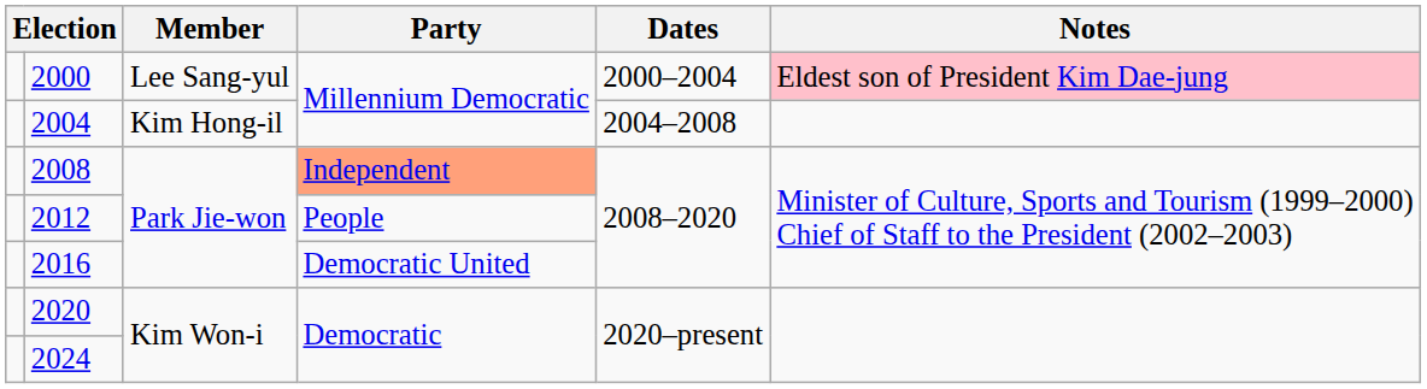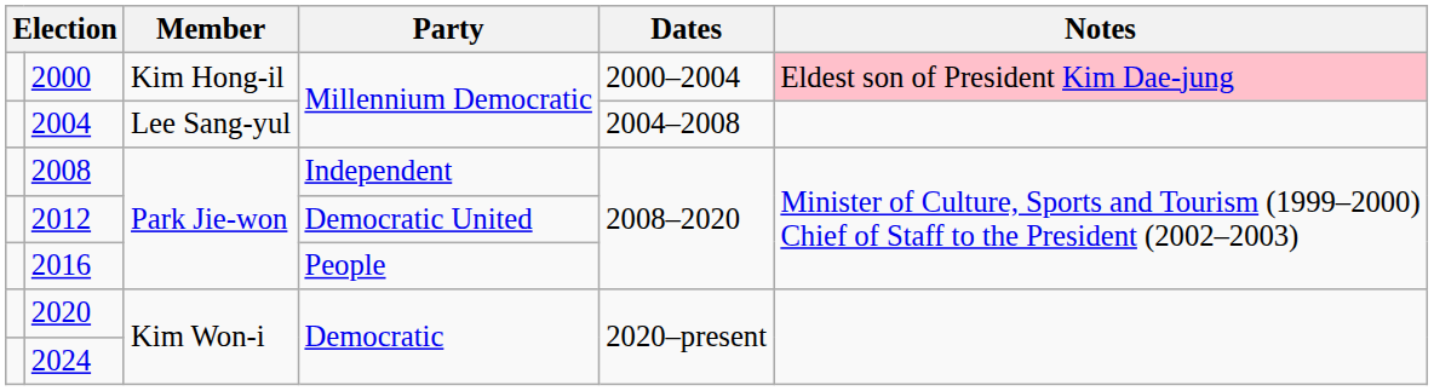 <table class="wikitable">
 <tr>
 <th colspan="2">Election</th>
 <th>Member</th>
 <th>Party</th>
 <th>Dates</th>
 <th>Notes</th>
 </tr>
 <tr>
 <td style="color:inherit;background:"></td>
 <td><a href='#'>2000</a></td>
-<td>Lee Sang-yul</td>
+<td>Kim Hong-il</td>
 <td rowspan="2"><a href='#'>Millennium Democratic</a></td>
 <td>2000–2004</td>
 <td style="background: pink;">Eldest son of President <a href='#'>Kim Dae-jung</a></td>
 </tr>
 <tr>
 <td style="color:inherit;background:"></td>
 <td><a href='#'>2004</a></td>
-<td>Kim Hong-il</td>
+<td>Lee Sang-yul</td>
 <td>2004–2008</td>
 <td></td>
 </tr>
 <tr>
 <td style="color:inherit;background:"></td>
 <td><a href='#'>2008</a></td>
 <td rowspan="3"><a href='#'>Park Jie-won</a></td>
-<td style="background: lightsalmon;"><a href='#'>Independent</a></td>
+<td><a href='#'>Independent</a></td>
 <td rowspan="3">2008–2020</td>
 <td rowspan="3"><a href='#'>Minister of Culture, Sports and Tourism</a> (1999–2000)<br><a href='#'>Chief of Staff to the President</a> (2002–2003)</td>
 </tr>
 <tr>
 <td style="color:inherit;background:"></td>
 <td><a href='#'>2012</a></td>
-<td><a href='#'>People</a></td>
+<td><a href='#'>Democratic United</a></td>
 </tr>
 <tr>
 <td style="color:inherit;background:"></td>
 <td><a href='#'>2016</a></td>
-<td><a href='#'>Democratic United</a></td>
+<td><a href='#'>People</a></td>
 </tr>
 <tr>
 <td style="color:inherit;background:"></td>
 <td><a href='#'>2020</a></td>
 <td rowspan="2">Kim Won-i</td>
 <td rowspan="2"><a href='#'>Democratic</a></td>
 <td rowspan="2">2020–present</td>
 <td rowspan="2"></td>
 </tr>
 <tr>
 <td style="color:inherit;background:"></td>
 <td><a href='#'>2024</a></td>
 </tr>
 </table>
